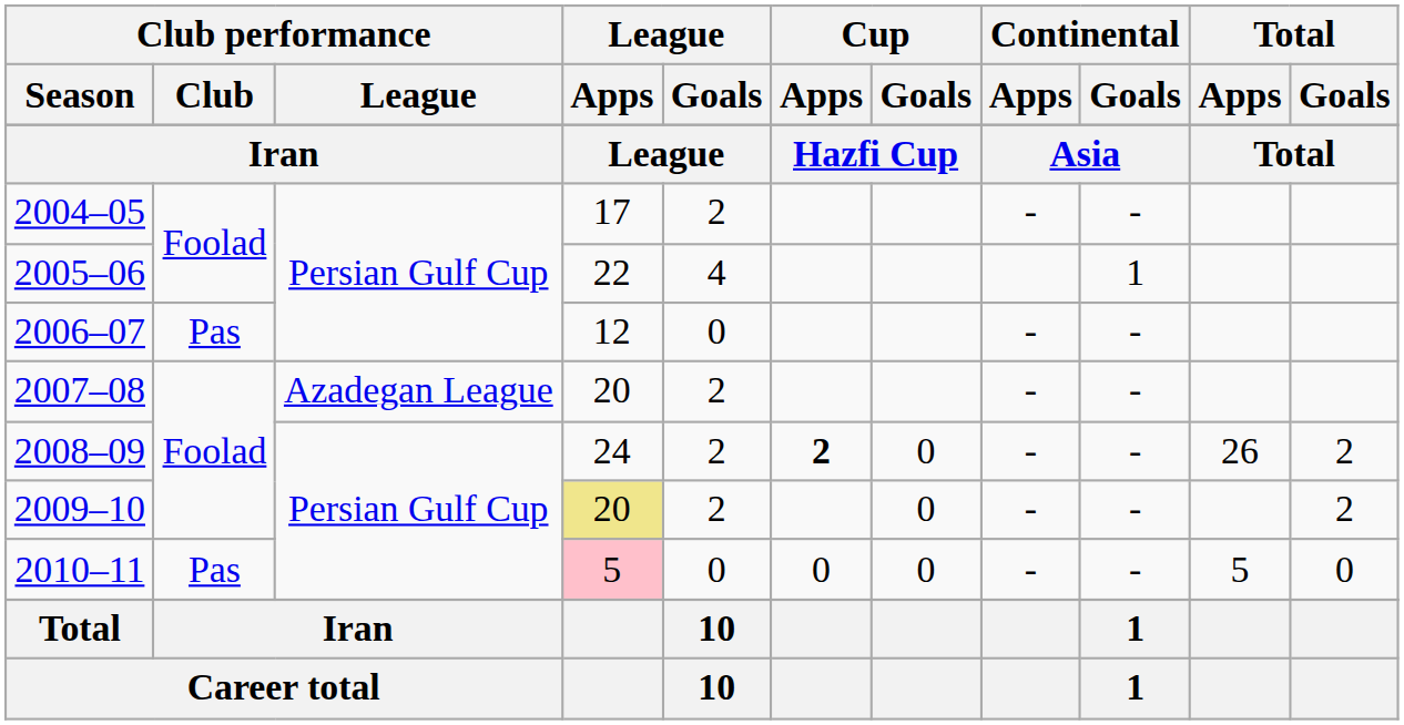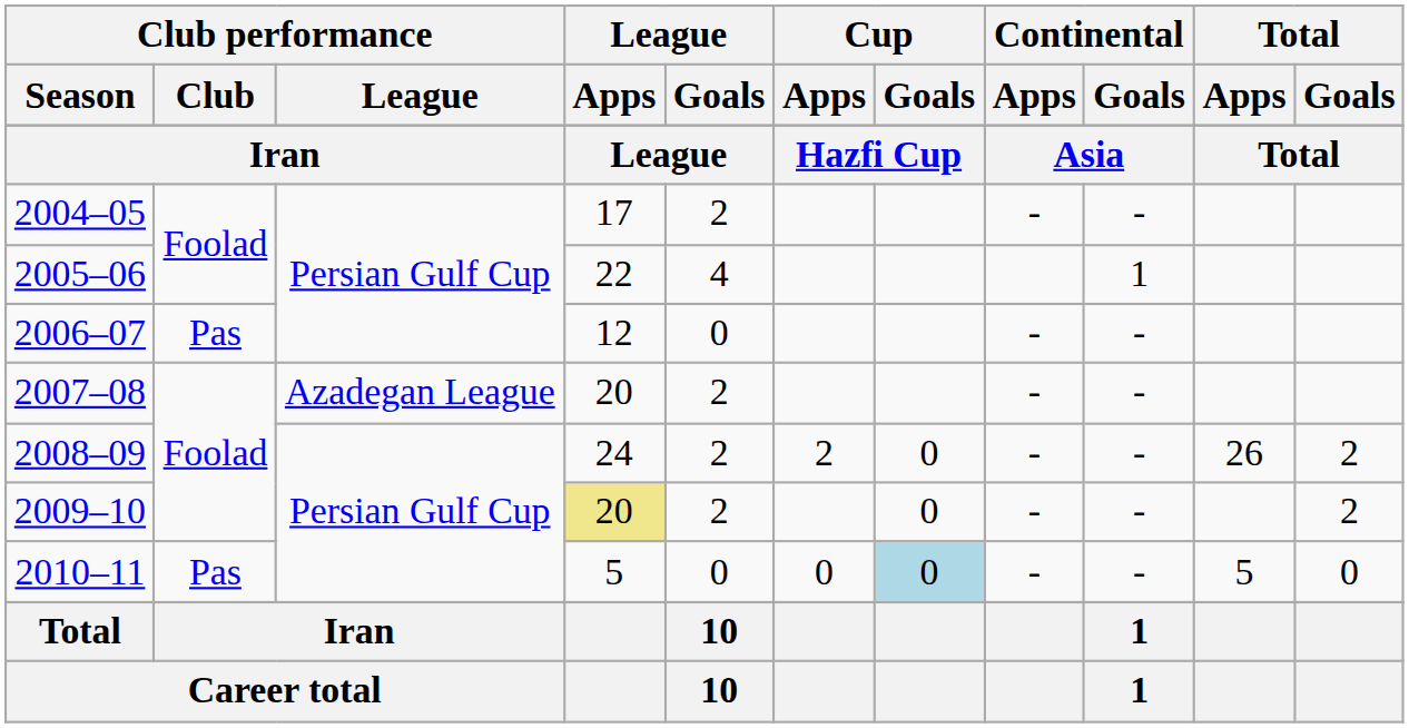 <table class="wikitable" style="text-align:center">
 <tr>
 <th colspan=3>Club performance</th>
 <th colspan=2>League</th>
 <th colspan=2>Cup</th>
 <th colspan=2>Continental</th>
 <th colspan=2>Total</th>
 </tr>
 <tr>
 <th>Season</th>
 <th>Club</th>
 <th>League</th>
 <th>Apps</th>
 <th>Goals</th>
 <th>Apps</th>
 <th>Goals</th>
 <th>Apps</th>
 <th>Goals</th>
 <th>Apps</th>
 <th>Goals</th>
 </tr>
 <tr>
 </tr>
 <tr>
 <th colspan=3>Iran</th>
 <th colspan=2>League</th>
 <th colspan=2><a href='#'>Hazfi Cup</a></th>
 <th colspan=2><a href='#'>Asia</a></th>
 <th colspan=2>Total</th>
 </tr>
 <tr>
 <td><a href='#'>2004–05</a></td>
 <td rowspan="2"><a href='#'>Foolad</a></td>
 <td rowspan="3"><a href='#'>Persian Gulf Cup</a></td>
 <td>17</td>
 <td>2</td>
 <td></td>
 <td></td>
 <td>-</td>
 <td>-</td>
 <td></td>
 <td></td>
 </tr>
 <tr>
 <td><a href='#'>2005–06</a></td>
 <td>22</td>
 <td>4</td>
 <td></td>
 <td></td>
 <td></td>
 <td>1</td>
 <td></td>
 <td></td>
 </tr>
 <tr>
 <td><a href='#'>2006–07</a></td>
 <td rowspan="1"><a href='#'>Pas</a></td>
 <td>12</td>
 <td>0</td>
 <td></td>
 <td></td>
 <td>-</td>
 <td>-</td>
 <td></td>
 <td></td>
 </tr>
 <tr>
 <td><a href='#'>2007–08</a></td>
 <td rowspan="3"><a href='#'>Foolad</a></td>
 <td rowspan="1"><a href='#'>Azadegan League</a></td>
 <td>20</td>
 <td>2</td>
 <td></td>
 <td></td>
 <td>-</td>
 <td>-</td>
 <td></td>
 <td></td>
 </tr>
 <tr>
 <td><a href='#'>2008–09</a></td>
 <td rowspan="3"><a href='#'>Persian Gulf Cup</a></td>
 <td>24</td>
 <td>2</td>
-<td><strong>2</strong></td>
+<td>2</td>
 <td>0</td>
 <td>-</td>
 <td>-</td>
 <td>26</td>
 <td>2</td>
 </tr>
 <tr>
 <td><a href='#'>2009–10</a></td>
 <td style="background: khaki;">20</td>
 <td>2</td>
 <td></td>
 <td>0</td>
 <td>-</td>
 <td>-</td>
 <td></td>
 <td>2</td>
 </tr>
 <tr>
 <td><a href='#'>2010–11</a></td>
 <td rowspan="1"><a href='#'>Pas</a></td>
-<td style="background: pink;">5</td>
+<td>5</td>
 <td>0</td>
 <td>0</td>
-<td>0</td>
+<td style="background: lightblue;">0</td>
 <td>-</td>
 <td>-</td>
 <td>5</td>
 <td>0</td>
 </tr>
 <tr>
 </tr>
 <tr>
 <th rowspan=1>Total</th>
 <th colspan=2>Iran</th>
 <th></th>
 <th>10</th>
 <th></th>
 <th></th>
 <th></th>
 <th>1</th>
 <th></th>
 <th></th>
 </tr>
 <tr>
 <th colspan=3>Career total</th>
 <th></th>
 <th>10</th>
 <th></th>
 <th></th>
 <th></th>
 <th>1</th>
 <th></th>
 <th></th>
 </tr>
 </table>
